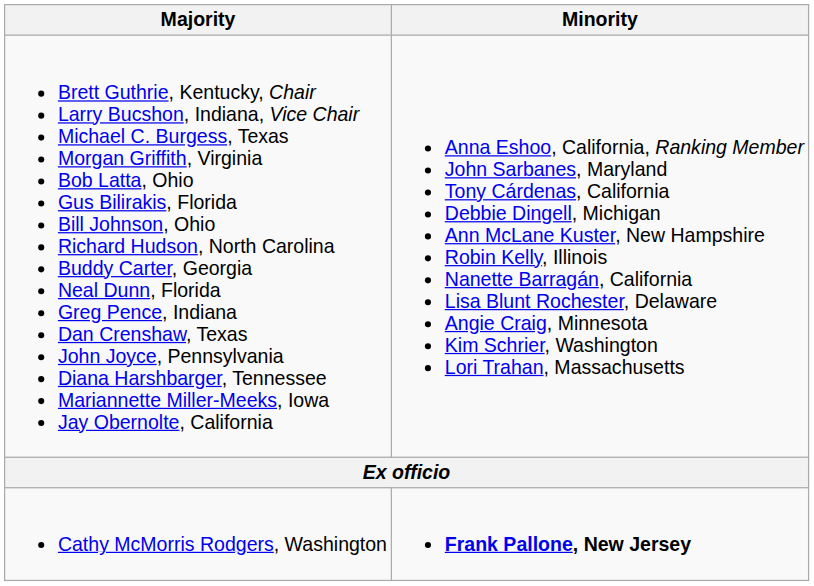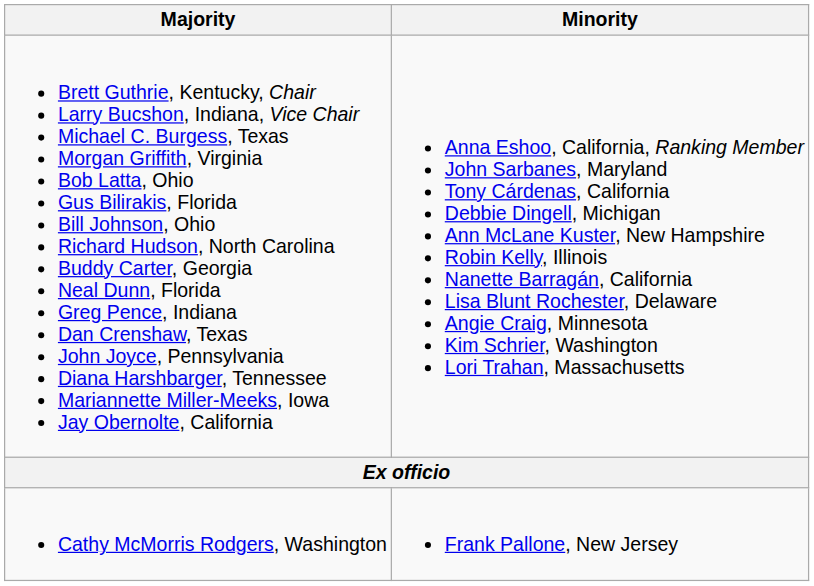 <table class=wikitable>
 <tr>
 <th>Majority</th>
 <th>Minority</th>
 </tr>
 <tr>
 <td><br><ul><li><a href='#'>Brett Guthrie</a>, Kentucky, <em>Chair</em></li><li><a href='#'>Larry Bucshon</a>, Indiana, <em>Vice Chair</em></li><li><a href='#'>Michael C. Burgess</a>, Texas</li><li><a href='#'>Morgan Griffith</a>, Virginia</li><li><a href='#'>Bob Latta</a>, Ohio</li><li><a href='#'>Gus Bilirakis</a>, Florida</li><li><a href='#'>Bill Johnson</a>, Ohio</li><li><a href='#'>Richard Hudson</a>, North Carolina</li><li><a href='#'>Buddy Carter</a>, Georgia</li><li><a href='#'>Neal Dunn</a>, Florida</li><li><a href='#'>Greg Pence</a>, Indiana</li><li><a href='#'>Dan Crenshaw</a>, Texas</li><li><a href='#'>John Joyce</a>, Pennsylvania</li><li><a href='#'>Diana Harshbarger</a>, Tennessee</li><li><a href='#'>Mariannette Miller-Meeks</a>, Iowa</li><li><a href='#'>Jay Obernolte</a>, California</li></ul></td>
 <td><br><ul><li><a href='#'>Anna Eshoo</a>, California, <em>Ranking Member</em></li><li><a href='#'>John Sarbanes</a>, Maryland</li><li><a href='#'>Tony Cárdenas</a>, California</li><li><a href='#'>Debbie Dingell</a>, Michigan</li><li><a href='#'>Ann McLane Kuster</a>, New Hampshire</li><li><a href='#'>Robin Kelly</a>, Illinois</li><li><a href='#'>Nanette Barragán</a>, California</li><li><a href='#'>Lisa Blunt Rochester</a>, Delaware</li><li><a href='#'>Angie Craig</a>, Minnesota</li><li><a href='#'>Kim Schrier</a>, Washington</li><li><a href='#'>Lori Trahan</a>, Massachusetts</li></ul></td>
 </tr>
 <tr>
 <th colspan=2><em>Ex officio</em></th>
 </tr>
 <tr>
 <td><br><ul><li><a href='#'>Cathy McMorris Rodgers</a>, Washington</li></ul></td>
-<td><strong><br><ul><li><a href='#'>Frank Pallone</a>, New Jersey</li></ul></strong></td>
+<td><br><ul><li><a href='#'>Frank Pallone</a>, New Jersey</li></ul></td>
 </tr>
 </table>
